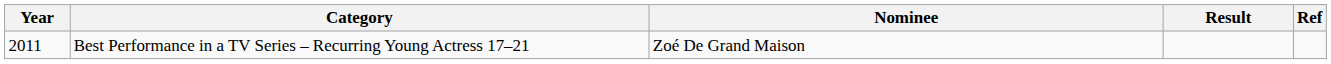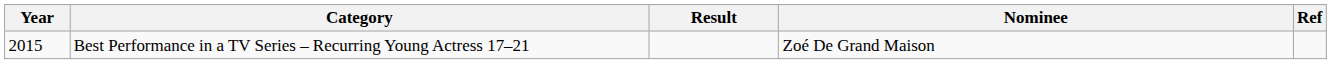 <table class="wikitable">
 <tr>
 <th width=5%>Year</th>
 <th width=45%>Category</th>
+<th width=10%>Result</th>
 <th width=40%>Nominee</th>
-<th width=10%>Result</th>
 <th width=3%>Ref</th>
 </tr>
 <tr>
-<td>2011</td>
+<td>2015</td>
 <td>Best Performance in a TV Series – Recurring Young Actress 17–21</td>
+<td></td>
 <td>Zoé De Grand Maison</td>
-<td></td>
 <td></td>
 </tr>
 </table>
